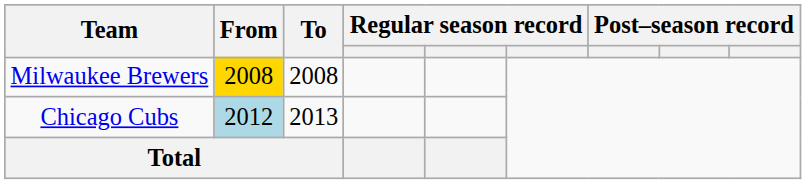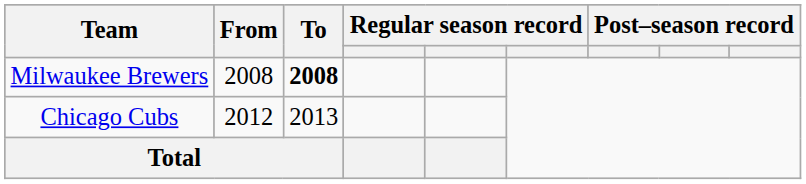 <table class="wikitable" Style="text-align: center;font-size:90%">
 <tr>
 <th rowspan="2">Team</th>
 <th rowspan="2">From</th>
 <th rowspan="2">To</th>
 <th colspan="3">Regular season record</th>
 <th colspan="3">Post–season record</th>
 </tr>
 <tr>
 <th></th>
 <th></th>
 <th></th>
 <th></th>
 <th></th>
 <th></th>
 </tr>
 <tr>
 <td><a href='#'>Milwaukee Brewers</a></td>
-<td style="background: gold;">2008</td>
 <td>2008</td>
+<td><strong>2008</strong></td>
 <td></td>
 <td></td>
 </tr>
 <tr>
 <td><a href='#'>Chicago Cubs</a></td>
-<td style="background: lightblue;">2012</td>
+<td>2012</td>
 <td>2013</td>
 <td></td>
 <td></td>
 </tr>
 <tr>
 <th colspan="3">Total</th>
 <th></th>
 <th></th>
 </tr>
 </table>
